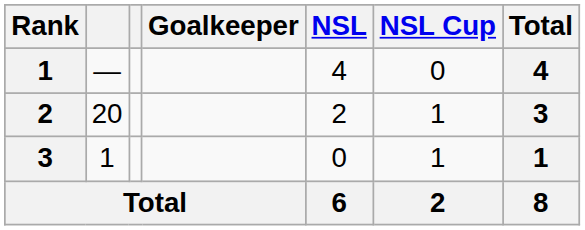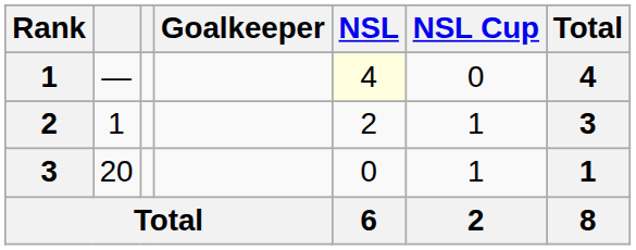 <table class="wikitable sortable" style="text-align:center">
 <tr>
 <th>Rank</th>
 <th></th>
 <th></th>
 <th>Goalkeeper</th>
 <th><a href='#'>NSL</a></th>
 <th><a href='#'>NSL Cup</a></th>
 <th>Total</th>
 </tr>
 <tr>
 <th>1</th>
 <td>—</td>
 <td></td>
 <td align="left"></td>
-<td>4</td>
+<td style="background: lightyellow;">4</td>
 <td>0</td>
 <th>4</th>
 </tr>
 <tr>
 <th>2</th>
-<td>20</td>
+<td>1</td>
 <td></td>
 <td align="left"></td>
 <td>2</td>
 <td>1</td>
 <th>3</th>
 </tr>
 <tr>
 <th>3</th>
-<td>1</td>
+<td>20</td>
 <td></td>
 <td align="left"></td>
 <td>0</td>
 <td>1</td>
 <th>1</th>
 </tr>
 <tr>
 <th colspan="4">Total</th>
 <th>6</th>
 <th>2</th>
 <th>8</th>
 </tr>
 </table>
